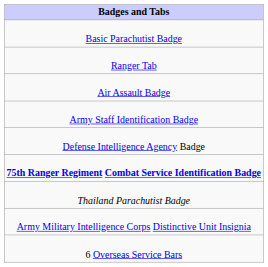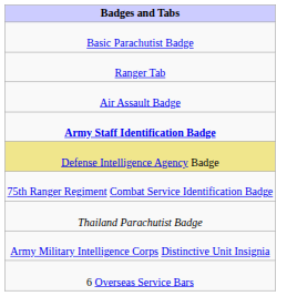 <table class="wikitable">
 <tr style="background:#ccf; text-align:center;">
 <td colspan=2><strong>Badges and Tabs</strong></td>
 </tr>
 <tr>
 <td align=center><br><a href='#'>Basic Parachutist Badge</a></td>
 </tr>
 <tr>
 <td align=center><br><a href='#'>Ranger Tab</a></td>
 </tr>
 <tr>
 <td align=center><br><a href='#'>Air Assault Badge</a></td>
 </tr>
 <tr>
-<td align=center><br><a href='#'>Army Staff Identification Badge</a></td>
+<td align=center><strong><br><a href='#'>Army Staff Identification Badge</a></strong></td>
 </tr>
 <tr>
-<td align=center><br><a href='#'>Defense Intelligence Agency</a> Badge</td>
+<td align=center style="background: khaki;"><br><a href='#'>Defense Intelligence Agency</a> Badge</td>
 </tr>
 <tr>
-<td align=center><strong><br><a href='#'>75th Ranger Regiment</a> <a href='#'>Combat Service Identification Badge</a></strong></td>
+<td align=center><br><a href='#'>75th Ranger Regiment</a> <a href='#'>Combat Service Identification Badge</a></td>
 </tr>
 <tr>
 <td align=center><br><em>Thailand Parachutist Badge</em></td>
 </tr>
 <tr>
 <td align=center><br><a href='#'>Army Military Intelligence Corps</a> <a href='#'>Distinctive Unit Insignia</a></td>
 </tr>
 <tr>
 <td align=center><br>6 <a href='#'>Overseas Service Bars</a></td>
 </tr>
 </table>
